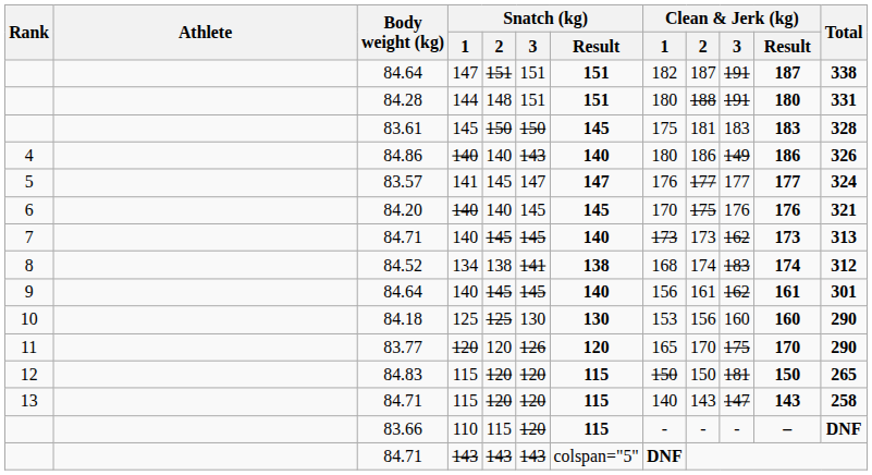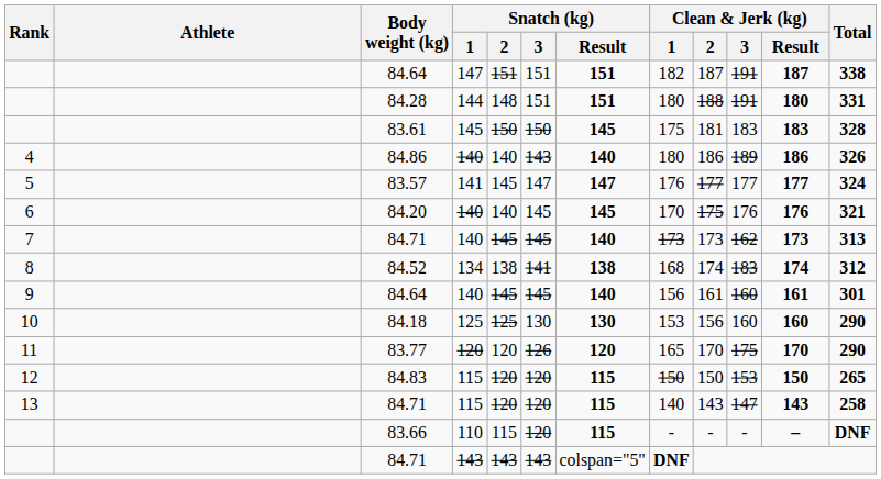 <table class = "wikitable sortable" style="text-align:center;">
 <tr>
 <th rowspan=2>Rank</th>
 <th rowspan=2 width=275>Athlete</th>
 <th rowspan=2>Body<br>weight (kg)</th>
 <th colspan=4>Snatch (kg)</th>
 <th colspan=4>Clean & Jerk (kg)</th>
 <th rowspan=2>Total</th>
 </tr>
 <tr>
 <th class="unsortable">1</th>
 <th class="unsortable">2</th>
 <th class="unsortable">3</th>
 <th width=55>Result</th>
 <th class="unsortable">1</th>
 <th class="unsortable">2</th>
 <th class="unsortable">3</th>
 <th width=55>Result</th>
 </tr>
 <tr>
 <td></td>
 <td align=left></td>
 <td>84.64</td>
 <td>147</td>
 <td><s>151</s></td>
 <td>151</td>
 <td><strong>151</strong></td>
 <td>182</td>
 <td>187</td>
 <td><s>191</s></td>
 <td><strong>187</strong></td>
 <td><strong>338</strong></td>
 </tr>
 <tr>
 <td></td>
 <td align=left></td>
 <td>84.28</td>
 <td>144</td>
 <td>148</td>
 <td>151</td>
 <td><strong>151</strong></td>
 <td>180</td>
 <td><s>188</s></td>
 <td><s>191</s></td>
 <td><strong>180</strong></td>
 <td><strong>331</strong></td>
 </tr>
 <tr>
 <td></td>
 <td align=left></td>
 <td>83.61</td>
 <td>145</td>
 <td><s>150</s></td>
 <td><s>150</s></td>
 <td><strong>145</strong></td>
 <td>175</td>
 <td>181</td>
 <td>183</td>
 <td><strong>183</strong></td>
 <td><strong>328</strong></td>
 </tr>
 <tr>
 <td>4</td>
 <td align=left></td>
 <td>84.86</td>
 <td><s>140</s></td>
 <td>140</td>
 <td><s>143</s></td>
 <td><strong>140</strong></td>
 <td>180</td>
 <td>186</td>
-<td><s>149</s></td>
+<td><s>189</s></td>
 <td><strong>186</strong></td>
 <td><strong>326</strong></td>
 </tr>
 <tr>
 <td>5</td>
 <td align=left></td>
 <td>83.57</td>
 <td>141</td>
 <td>145</td>
 <td>147</td>
 <td><strong>147</strong></td>
 <td>176</td>
 <td><s>177</s></td>
 <td>177</td>
 <td><strong>177</strong></td>
 <td><strong>324</strong></td>
 </tr>
 <tr>
 <td>6</td>
 <td align=left></td>
 <td>84.20</td>
 <td><s>140</s></td>
 <td>140</td>
 <td>145</td>
 <td><strong>145</strong></td>
 <td>170</td>
 <td><s>175</s></td>
 <td>176</td>
 <td><strong>176</strong></td>
 <td><strong>321</strong></td>
 </tr>
 <tr>
 <td>7</td>
 <td align=left></td>
 <td>84.71</td>
 <td>140</td>
 <td><s>145</s></td>
 <td><s>145</s></td>
 <td><strong>140</strong></td>
 <td><s>173</s></td>
 <td>173</td>
 <td><s>162</s></td>
 <td><strong>173</strong></td>
 <td><strong>313</strong></td>
 </tr>
 <tr>
 <td>8</td>
 <td align=left></td>
 <td>84.52</td>
 <td>134</td>
 <td>138</td>
 <td><s>141</s></td>
 <td><strong>138</strong></td>
 <td>168</td>
 <td>174</td>
 <td><s>183</s></td>
 <td><strong>174</strong></td>
 <td><strong>312</strong></td>
 </tr>
 <tr>
 <td>9</td>
 <td align=left></td>
 <td>84.64</td>
 <td>140</td>
 <td><s>145</s></td>
 <td><s>145</s></td>
 <td><strong>140</strong></td>
 <td>156</td>
 <td>161</td>
-<td><s>162</s></td>
+<td><s>160</s></td>
 <td><strong>161</strong></td>
 <td><strong>301</strong></td>
 </tr>
 <tr>
 <td>10</td>
 <td align=left></td>
 <td>84.18</td>
 <td>125</td>
 <td><s>125</s></td>
 <td>130</td>
 <td><strong>130</strong></td>
 <td>153</td>
 <td>156</td>
 <td>160</td>
 <td><strong>160</strong></td>
 <td><strong>290</strong></td>
 </tr>
 <tr>
 <td>11</td>
 <td align=left></td>
 <td>83.77</td>
 <td><s>120</s></td>
 <td>120</td>
 <td><s>126</s></td>
 <td><strong>120</strong></td>
 <td>165</td>
 <td>170</td>
 <td><s>175</s></td>
 <td><strong>170</strong></td>
 <td><strong>290</strong></td>
 </tr>
 <tr>
 <td>12</td>
 <td align=left></td>
 <td>84.83</td>
 <td>115</td>
 <td><s>120</s></td>
 <td><s>120</s></td>
 <td><strong>115</strong></td>
 <td><s>150</s></td>
 <td>150</td>
-<td><s>181</s></td>
+<td><s>153</s></td>
 <td><strong>150</strong></td>
 <td><strong>265</strong></td>
 </tr>
 <tr>
 <td>13</td>
 <td align=left></td>
 <td>84.71</td>
 <td>115</td>
 <td><s>120</s></td>
 <td><s>120</s></td>
 <td><strong>115</strong></td>
 <td>140</td>
 <td>143</td>
 <td><s>147</s></td>
 <td><strong>143</strong></td>
 <td><strong>258</strong></td>
 </tr>
 <tr>
 <td></td>
 <td align=left></td>
 <td>83.66</td>
 <td>110</td>
 <td>115</td>
 <td><s>120</s></td>
 <td><strong>115</strong></td>
 <td>-</td>
 <td>-</td>
 <td>-</td>
 <td><strong>–</strong></td>
 <td><strong>DNF</strong></td>
 </tr>
 <tr>
 <td></td>
 <td align=left></td>
 <td>84.71</td>
 <td><s>143</s></td>
 <td><s>143</s></td>
 <td><s>143</s></td>
 <td>colspan="5" </td>
 <td><strong>DNF</strong></td>
 </tr>
 </table>
